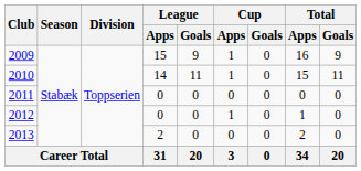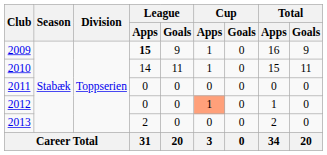 <table class="wikitable" style="text-align: center;">
 <tr>
 <th rowspan="2">Club</th>
 <th rowspan="2">Season</th>
 <th rowspan="2">Division</th>
 <th colspan="2">League</th>
 <th colspan="2">Cup</th>
 <th colspan="2">Total</th>
 </tr>
 <tr>
 <th>Apps</th>
 <th>Goals</th>
 <th>Apps</th>
 <th>Goals</th>
 <th>Apps</th>
 <th>Goals</th>
 </tr>
 <tr>
 <td><a href='#'>2009</a></td>
 <td rowspan="5" valign="center"><a href='#'>Stabæk</a></td>
 <td rowspan="5" valign="center"><a href='#'>Toppserien</a></td>
-<td>15</td>
+<td><strong>15</strong></td>
 <td>9</td>
 <td>1</td>
 <td>0</td>
 <td>16</td>
 <td>9</td>
 </tr>
 <tr>
 <td><a href='#'>2010</a></td>
 <td>14</td>
 <td>11</td>
 <td>1</td>
 <td>0</td>
 <td>15</td>
 <td>11</td>
 </tr>
 <tr>
 <td><a href='#'>2011</a></td>
 <td>0</td>
 <td>0</td>
 <td>0</td>
 <td>0</td>
 <td>0</td>
 <td>0</td>
 </tr>
 <tr>
 <td><a href='#'>2012</a></td>
 <td>0</td>
 <td>0</td>
-<td>1</td>
+<td style="background: lightsalmon;">1</td>
 <td>0</td>
 <td>1</td>
 <td>0</td>
 </tr>
 <tr>
 <td><a href='#'>2013</a></td>
 <td>2</td>
 <td>0</td>
 <td>0</td>
 <td>0</td>
 <td>2</td>
 <td>0</td>
 </tr>
 <tr>
 <th colspan="3">Career Total</th>
 <th>31</th>
 <th>20</th>
 <th>3</th>
 <th>0</th>
 <th>34</th>
 <th>20</th>
 </tr>
 </table>
